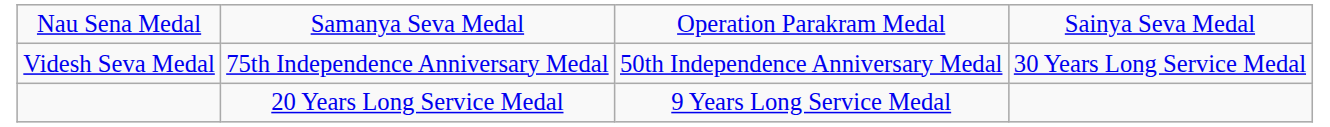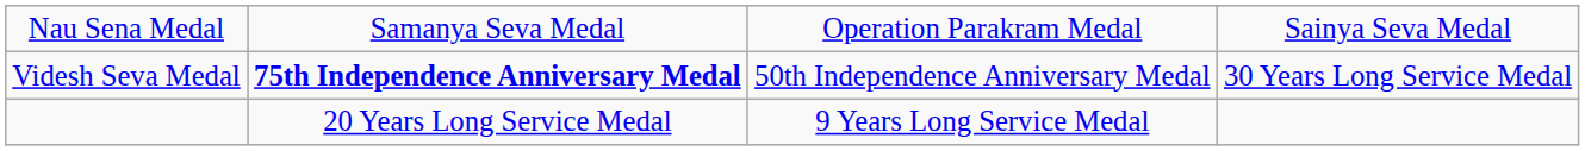 <table class="wikitable" style="margin:1em auto; text-align:center;">
 <tr>
 <td><a href='#'>Nau Sena Medal</a></td>
 <td><a href='#'>Samanya Seva Medal</a></td>
 <td><a href='#'>Operation Parakram Medal</a></td>
 <td><a href='#'>Sainya Seva Medal</a></td>
 </tr>
 <tr>
 <td><a href='#'>Videsh Seva Medal</a></td>
-<td><a href='#'>75th Independence Anniversary Medal</a></td>
+<td><strong><a href='#'>75th Independence Anniversary Medal</a></strong></td>
 <td><a href='#'>50th Independence Anniversary Medal</a></td>
 <td><a href='#'>30 Years Long Service Medal</a></td>
 </tr>
 <tr>
 <td></td>
 <td><a href='#'>20 Years Long Service Medal</a></td>
 <td><a href='#'>9 Years Long Service Medal</a></td>
 <td></td>
 </tr>
 </table>
